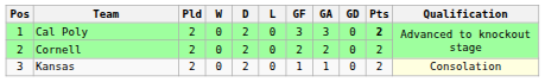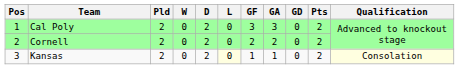 <table class="wikitable" style="text-align:center; margin: 1em auto">
 <tr>
 <th style="width:2em">Pos</th>
 <th style="width:13em">Team</th>
 <th style="width:2em">Pld</th>
 <th style="width:2em">W</th>
 <th style="width:2em">D</th>
 <th style="width:2em">L</th>
 <th style="width:2em">GF</th>
 <th style="width:2em">GA</th>
 <th style="width:2em">GD</th>
 <th style="width:2em">Pts</th>
 <th style="width:13em">Qualification</th>
 </tr>
 <tr bgcolor="#9eff9e">
 <td>1</td>
 <td style="text-align:left">Cal Poly</td>
 <td>2</td>
 <td>0</td>
 <td>2</td>
 <td>0</td>
 <td>3</td>
 <td>3</td>
 <td>0</td>
-<td><strong>2</strong></td>
+<td>2</td>
 <td rowspan="2">Advanced to knockout stage</td>
 </tr>
 <tr bgcolor="#9eff9e">
 <td>2</td>
 <td style="text-align:left">Cornell</td>
 <td>2</td>
 <td>0</td>
 <td>2</td>
 <td>0</td>
 <td>2</td>
 <td>2</td>
 <td>0</td>
 <td>2</td>
 </tr>
 <tr>
 <td>3</td>
 <td style="text-align:left">Kansas</td>
 <td>2</td>
 <td>0</td>
 <td>2</td>
-<td>0</td>
+<td style="background: lightyellow;">0</td>
 <td>1</td>
 <td>1</td>
 <td>0</td>
 <td>2</td>
 <td style="background: lightyellow;">Consolation</td>
 </tr>
 </table>
